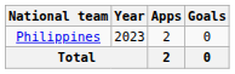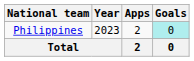 <table class="wikitable" style="text-align:center">
 <tr>
 <th>National team</th>
 <th>Year</th>
 <th>Apps</th>
 <th>Goals</th>
 </tr>
 <tr>
 <td rowspan="1"><a href='#'>Philippines</a></td>
 <td>2023</td>
 <td>2</td>
-<td>0</td>
+<td style="background: paleturquoise;">0</td>
 </tr>
 <tr>
 <th colspan="2">Total</th>
 <th>2</th>
 <th>0</th>
 </tr>
 </table>
